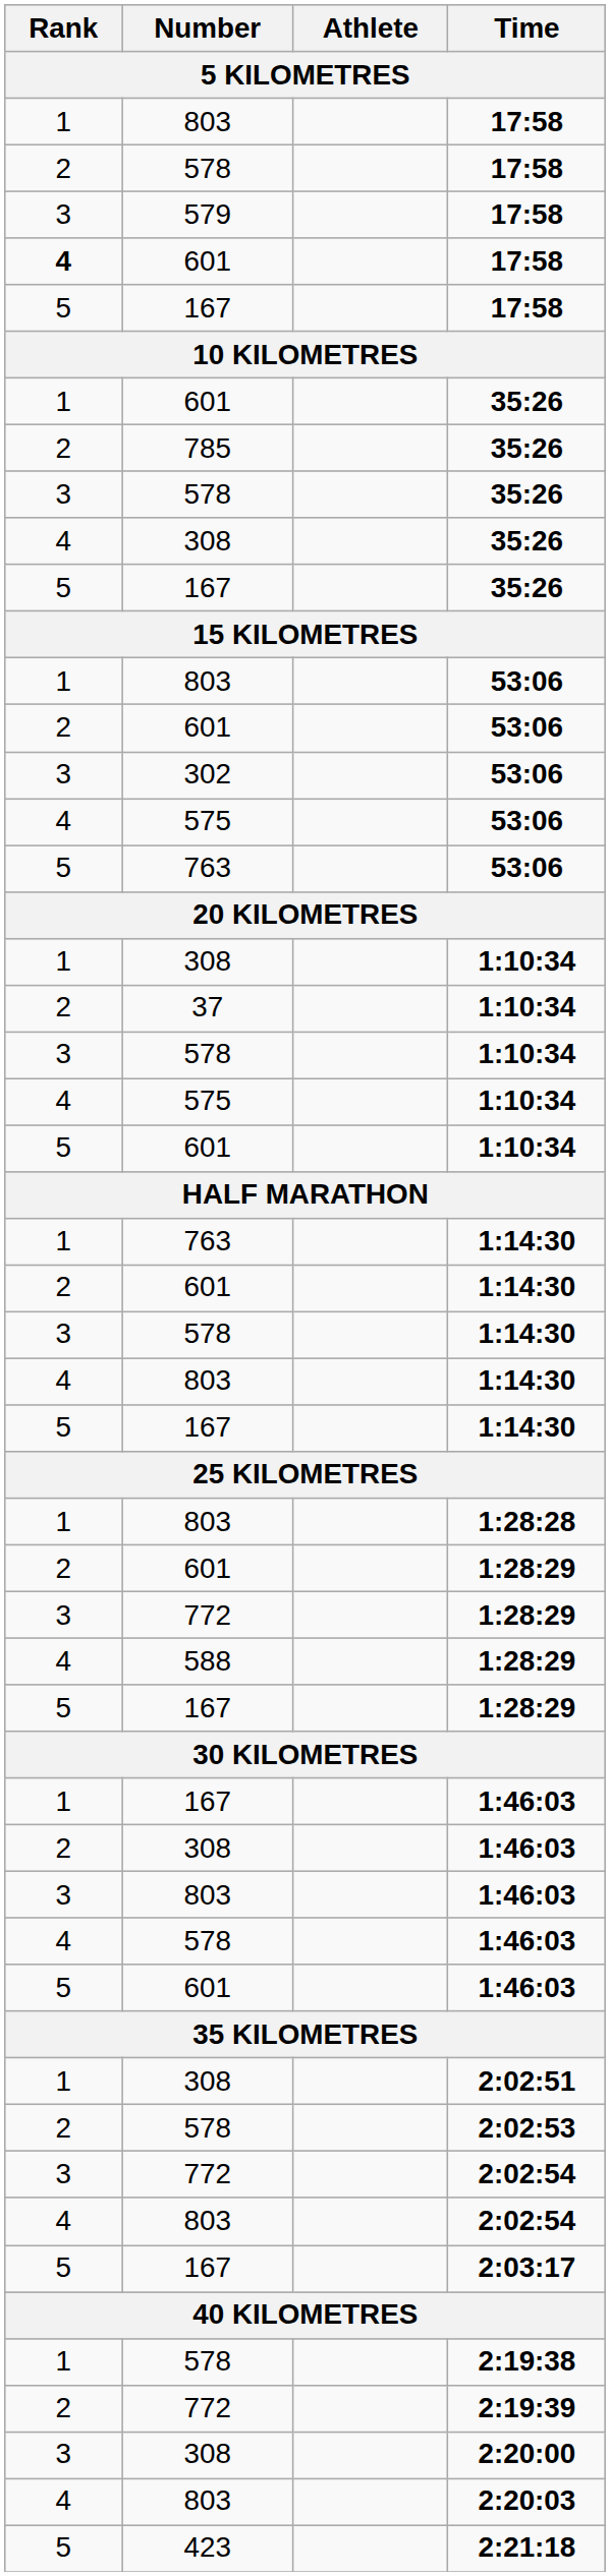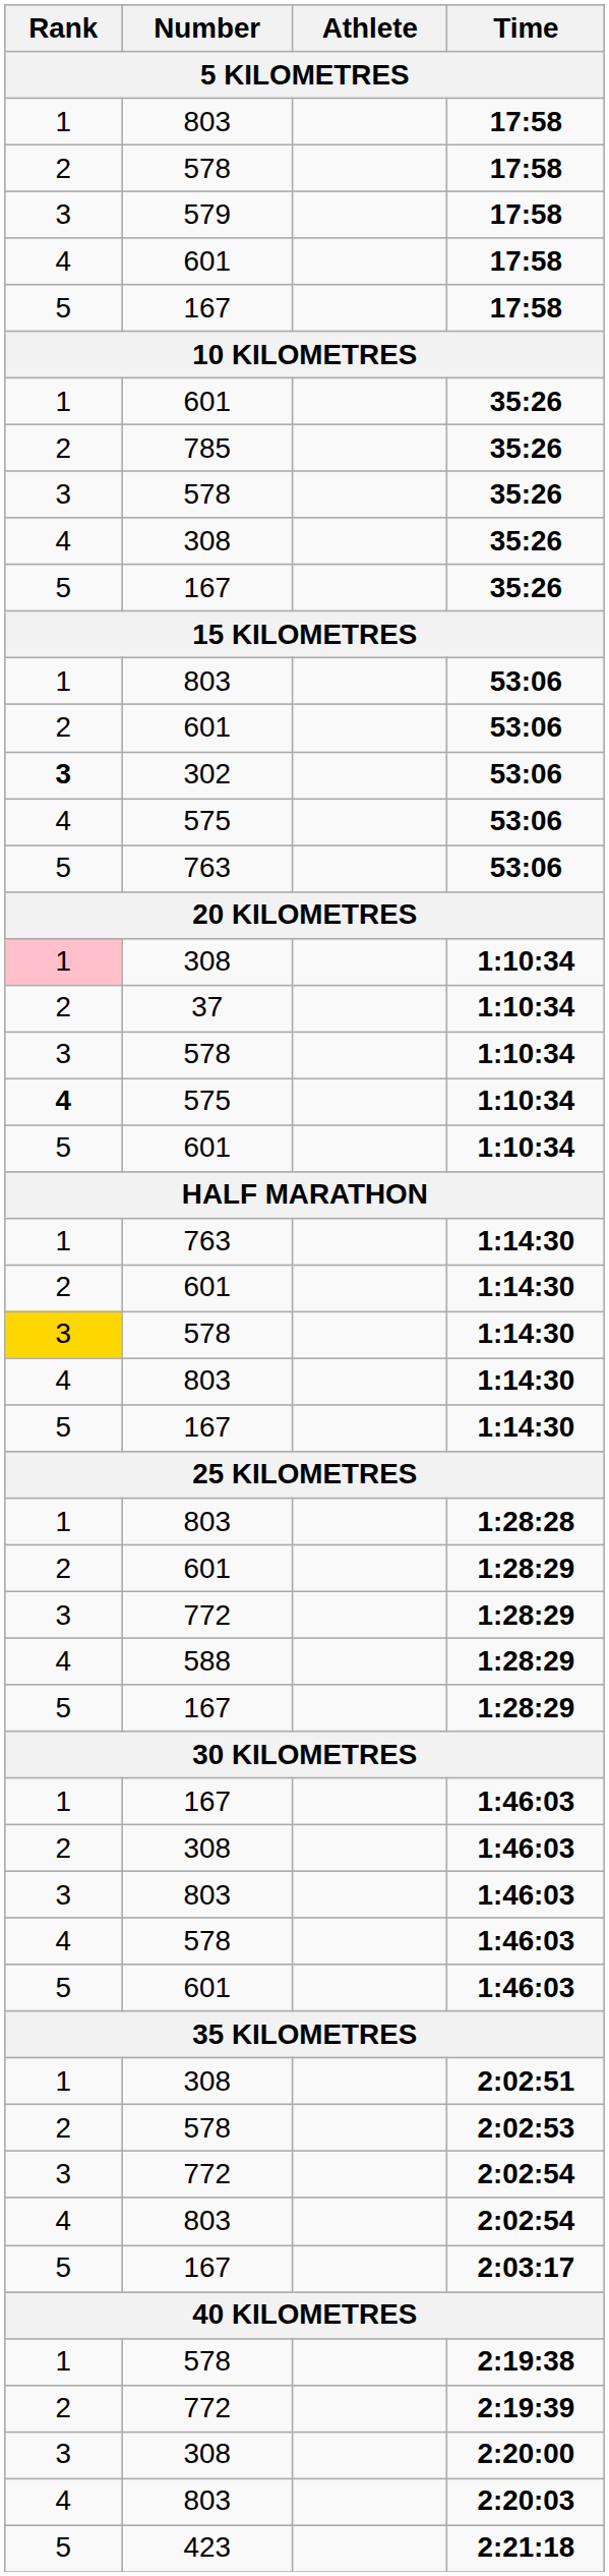 <table class="wikitable" style=" text-align:center; font-size:110%;" width="60%">
 <tr>
 <th>Rank</th>
 <th>Number</th>
 <th>Athlete</th>
 <th>Time</th>
 </tr>
 <tr>
 <th colspan="4">5 KILOMETRES</th>
 </tr>
 <tr>
 <td>1</td>
 <td>803</td>
 <td align=left></td>
 <td><strong>17:58</strong></td>
 </tr>
 <tr>
 <td>2</td>
 <td>578</td>
 <td align=left></td>
 <td><strong>17:58 </strong></td>
 </tr>
 <tr>
 <td>3</td>
 <td>579</td>
 <td align=left></td>
 <td><strong>17:58 </strong></td>
 </tr>
 <tr>
-<td><strong>4</strong></td>
+<td>4</td>
 <td>601</td>
 <td align=left></td>
 <td><strong>17:58 </strong></td>
 </tr>
 <tr>
 <td>5</td>
 <td>167</td>
 <td align=left></td>
 <td><strong>17:58 </strong></td>
 </tr>
 <tr>
 <th colspan="4">10 KILOMETRES</th>
 </tr>
 <tr>
 <td>1</td>
 <td>601</td>
 <td align=left></td>
 <td><strong>35:26 </strong></td>
 </tr>
 <tr>
 <td>2</td>
 <td>785</td>
 <td align=left></td>
 <td><strong>35:26 </strong></td>
 </tr>
 <tr>
 <td>3</td>
 <td>578</td>
 <td align=left></td>
 <td><strong>35:26 </strong></td>
 </tr>
 <tr>
 <td>4</td>
 <td>308</td>
 <td align=left></td>
 <td><strong>35:26 </strong></td>
 </tr>
 <tr>
 <td>5</td>
 <td>167</td>
 <td align=left></td>
 <td><strong>35:26 </strong></td>
 </tr>
 <tr>
 <th colspan="4">15 KILOMETRES</th>
 </tr>
 <tr>
 <td>1</td>
 <td>803</td>
 <td align=left></td>
 <td><strong>53:06 </strong></td>
 </tr>
 <tr>
 <td>2</td>
 <td>601</td>
 <td align=left></td>
 <td><strong>53:06 </strong></td>
 </tr>
 <tr>
-<td>3</td>
+<td><strong>3</strong></td>
 <td>302</td>
 <td align=left></td>
 <td><strong>53:06 </strong></td>
 </tr>
 <tr>
 <td>4</td>
 <td>575</td>
 <td align=left></td>
 <td><strong>53:06 </strong></td>
 </tr>
 <tr>
 <td>5</td>
 <td>763</td>
 <td align=left></td>
 <td><strong>53:06</strong></td>
 </tr>
 <tr>
 <th colspan="4">20 KILOMETRES</th>
 </tr>
 <tr>
-<td>1</td>
+<td style="background: pink;">1</td>
 <td>308</td>
 <td align=left></td>
 <td><strong>1:10:34 </strong></td>
 </tr>
 <tr>
 <td>2</td>
 <td>37</td>
 <td align=left></td>
 <td><strong>1:10:34 </strong></td>
 </tr>
 <tr>
 <td>3</td>
 <td>578</td>
 <td align=left></td>
 <td><strong>1:10:34 </strong></td>
 </tr>
 <tr>
-<td>4</td>
+<td><strong>4</strong></td>
 <td>575</td>
 <td align=left></td>
 <td><strong>1:10:34 </strong></td>
 </tr>
 <tr>
 <td>5</td>
 <td>601</td>
 <td align=left></td>
 <td><strong>1:10:34 </strong></td>
 </tr>
 <tr>
 <th colspan="4">HALF MARATHON</th>
 </tr>
 <tr>
 <td>1</td>
 <td>763</td>
 <td align=left></td>
 <td><strong>1:14:30 </strong></td>
 </tr>
 <tr>
 <td>2</td>
 <td>601</td>
 <td align=left></td>
 <td><strong>1:14:30 </strong></td>
 </tr>
 <tr>
-<td>3</td>
+<td style="background: gold;">3</td>
 <td>578</td>
 <td align=left></td>
 <td><strong>1:14:30 </strong></td>
 </tr>
 <tr>
 <td>4</td>
 <td>803</td>
 <td align=left></td>
 <td><strong>1:14:30 </strong></td>
 </tr>
 <tr>
 <td>5</td>
 <td>167</td>
 <td align=left></td>
 <td><strong>1:14:30 </strong></td>
 </tr>
 <tr>
 <th colspan="4">25 KILOMETRES</th>
 </tr>
 <tr>
 <td>1</td>
 <td>803</td>
 <td align=left></td>
 <td><strong>1:28:28 </strong></td>
 </tr>
 <tr>
 <td>2</td>
 <td>601</td>
 <td align=left></td>
 <td><strong>1:28:29 </strong></td>
 </tr>
 <tr>
 <td>3</td>
 <td>772</td>
 <td align=left></td>
 <td><strong>1:28:29 </strong></td>
 </tr>
 <tr>
 <td>4</td>
 <td>588</td>
 <td align=left></td>
 <td><strong>1:28:29 </strong></td>
 </tr>
 <tr>
 <td>5</td>
 <td>167</td>
 <td align=left></td>
 <td><strong>1:28:29 </strong></td>
 </tr>
 <tr>
 <th colspan="4">30 KILOMETRES</th>
 </tr>
 <tr>
 <td>1</td>
 <td>167</td>
 <td align=left></td>
 <td><strong>1:46:03 </strong></td>
 </tr>
 <tr>
 <td>2</td>
 <td>308</td>
 <td align=left></td>
 <td><strong>1:46:03 </strong></td>
 </tr>
 <tr>
 <td>3</td>
 <td>803</td>
 <td align=left></td>
 <td><strong>1:46:03 </strong></td>
 </tr>
 <tr>
 <td>4</td>
 <td>578</td>
 <td align=left></td>
 <td><strong>1:46:03 </strong></td>
 </tr>
 <tr>
 <td>5</td>
 <td>601</td>
 <td align=left></td>
 <td><strong>1:46:03</strong></td>
 </tr>
 <tr>
 <th colspan="4">35 KILOMETRES</th>
 </tr>
 <tr>
 <td>1</td>
 <td>308</td>
 <td align=left></td>
 <td><strong>2:02:51 </strong></td>
 </tr>
 <tr>
 <td>2</td>
 <td>578</td>
 <td align=left></td>
 <td><strong>2:02:53 </strong></td>
 </tr>
 <tr>
 <td>3</td>
 <td>772</td>
 <td align=left></td>
 <td><strong>2:02:54 </strong></td>
 </tr>
 <tr>
 <td>4</td>
 <td>803</td>
 <td align=left></td>
 <td><strong>2:02:54 </strong></td>
 </tr>
 <tr>
 <td>5</td>
 <td>167</td>
 <td align=left></td>
 <td><strong>2:03:17 </strong></td>
 </tr>
 <tr>
 <th colspan="4">40 KILOMETRES</th>
 </tr>
 <tr>
 <td>1</td>
 <td>578</td>
 <td align=left></td>
 <td><strong>2:19:38 </strong></td>
 </tr>
 <tr>
 <td>2</td>
 <td>772</td>
 <td align=left></td>
 <td><strong>2:19:39 </strong></td>
 </tr>
 <tr>
 <td>3</td>
 <td>308</td>
 <td align=left></td>
 <td><strong>2:20:00 </strong></td>
 </tr>
 <tr>
 <td>4</td>
 <td>803</td>
 <td align=left></td>
 <td><strong>2:20:03 </strong></td>
 </tr>
 <tr>
 <td>5</td>
 <td>423</td>
 <td align=left></td>
 <td><strong>2:21:18</strong></td>
 </tr>
 </table>
